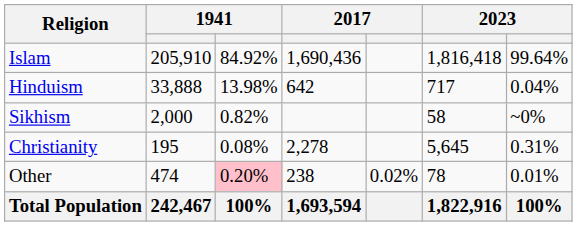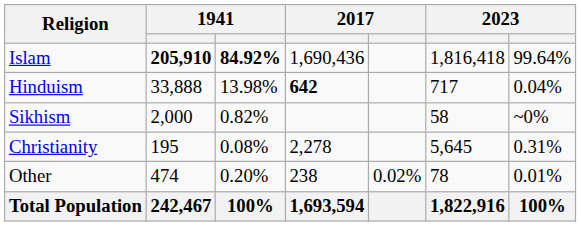 <table class="wikitable sortable">
 <tr>
 <th rowspan="2">Religion</th>
 <th colspan="2">1941</th>
 <th colspan="2">2017</th>
 <th colspan="2">2023</th>
 </tr>
 <tr>
 <th></th>
 <th></th>
 <th></th>
 <th></th>
 <th></th>
 <th></th>
 </tr>
 <tr>
 <td><a href='#'>Islam</a> </td>
-<td>205,910</td>
-<td>84.92%</td>
+<td><strong>205,910</strong></td>
+<td><strong>84.92%</strong></td>
 <td>1,690,436</td>
 <td></td>
 <td>1,816,418</td>
 <td>99.64%</td>
 </tr>
 <tr>
 <td><a href='#'>Hinduism</a> </td>
 <td>33,888</td>
 <td>13.98%</td>
-<td>642</td>
+<td><strong>642</strong></td>
 <td></td>
 <td>717</td>
 <td>0.04%</td>
 </tr>
 <tr>
 <td><a href='#'>Sikhism</a> </td>
 <td>2,000</td>
 <td>0.82%</td>
 <td></td>
 <td></td>
 <td>58</td>
 <td>~0%</td>
 </tr>
 <tr>
 <td><a href='#'>Christianity</a> </td>
 <td>195</td>
 <td>0.08%</td>
 <td>2,278</td>
 <td></td>
 <td>5,645</td>
 <td>0.31%</td>
 </tr>
 <tr>
 <td>Other</td>
 <td>474</td>
-<td style="background: pink;">0.20%</td>
+<td>0.20%</td>
 <td>238</td>
 <td>0.02%</td>
 <td>78</td>
 <td>0.01%</td>
 </tr>
 <tr>
 <th>Total Population</th>
 <th>242,467</th>
 <th>100%</th>
 <th>1,693,594</th>
 <th></th>
 <th>1,822,916</th>
 <th>100%</th>
 </tr>
 </table>
